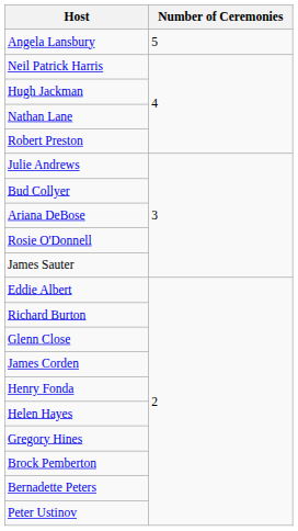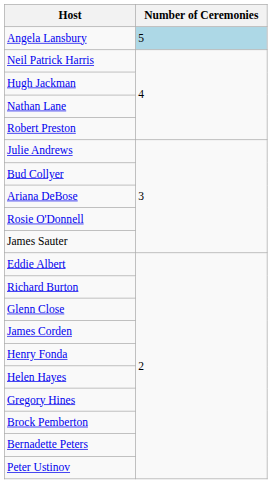 <table class="wikitable" style="font-size:1.00em; line-height:1.5em;">
 <tr>
 <th width="175">Host</th>
 <th width="175">Number of Ceremonies</th>
 </tr>
 <tr>
 <td><a href='#'>Angela Lansbury</a></td>
-<td>5</td>
+<td style="background: lightblue;">5</td>
 </tr>
 <tr>
 <td><a href='#'>Neil Patrick Harris</a></td>
 <td rowspan="4">4</td>
 </tr>
 <tr>
 <td><a href='#'>Hugh Jackman</a></td>
 </tr>
 <tr>
 <td><a href='#'>Nathan Lane</a></td>
 </tr>
 <tr>
 <td><a href='#'>Robert Preston</a></td>
 </tr>
 <tr>
 <td><a href='#'>Julie Andrews</a></td>
 <td rowspan="5">3</td>
 </tr>
 <tr>
 <td><a href='#'>Bud Collyer</a></td>
 </tr>
 <tr>
 <td><a href='#'>Ariana DeBose</a></td>
 </tr>
 <tr>
 <td><a href='#'>Rosie O'Donnell</a></td>
 </tr>
 <tr>
 <td>James Sauter</td>
 </tr>
 <tr>
 <td><a href='#'>Eddie Albert</a></td>
 <td rowspan="10">2</td>
 </tr>
 <tr>
 <td><a href='#'>Richard Burton</a></td>
 </tr>
 <tr>
 <td><a href='#'>Glenn Close</a></td>
 </tr>
 <tr>
 <td><a href='#'>James Corden</a></td>
 </tr>
 <tr>
 <td><a href='#'>Henry Fonda</a></td>
 </tr>
 <tr>
 <td><a href='#'>Helen Hayes</a></td>
 </tr>
 <tr>
 <td><a href='#'>Gregory Hines</a></td>
 </tr>
 <tr>
 <td><a href='#'>Brock Pemberton</a></td>
 </tr>
 <tr>
 <td><a href='#'>Bernadette Peters</a></td>
 </tr>
 <tr>
 <td><a href='#'>Peter Ustinov</a></td>
 </tr>
 </table>
